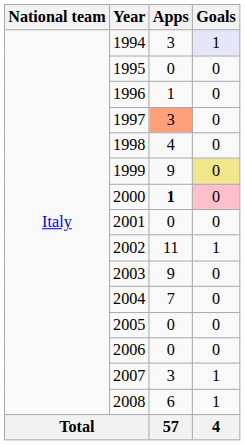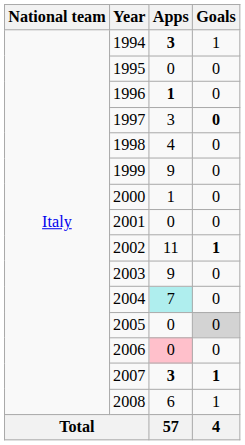 <table class="wikitable" style="text-align:center">
 <tr>
 <th>National team</th>
 <th>Year</th>
 <th>Apps</th>
 <th>Goals</th>
 </tr>
 <tr>
 <td rowspan="15"><a href='#'>Italy</a></td>
 <td>1994</td>
-<td>3</td>
-<td style="background: lavender;">1</td>
+<td><strong>3</strong></td>
+<td>1</td>
 </tr>
 <tr>
 <td>1995</td>
 <td>0</td>
 <td>0</td>
 </tr>
 <tr>
 <td>1996</td>
-<td>1</td>
+<td><strong>1</strong></td>
 <td>0</td>
 </tr>
 <tr>
 <td>1997</td>
-<td style="background: lightsalmon;">3</td>
-<td>0</td>
+<td>3</td>
+<td><strong>0</strong></td>
 </tr>
 <tr>
 <td>1998</td>
 <td>4</td>
 <td>0</td>
 </tr>
 <tr>
 <td>1999</td>
 <td>9</td>
-<td style="background: khaki;">0</td>
+<td>0</td>
 </tr>
 <tr>
 <td>2000</td>
-<td><strong>1</strong></td>
-<td style="background: pink;">0</td>
+<td>1</td>
+<td>0</td>
 </tr>
 <tr>
 <td>2001</td>
 <td>0</td>
 <td>0</td>
 </tr>
 <tr>
 <td>2002</td>
 <td>11</td>
-<td>1</td>
+<td><strong>1</strong></td>
 </tr>
 <tr>
 <td>2003</td>
 <td>9</td>
 <td>0</td>
 </tr>
 <tr>
 <td>2004</td>
-<td>7</td>
+<td style="background: paleturquoise;">7</td>
 <td>0</td>
 </tr>
 <tr>
 <td>2005</td>
 <td>0</td>
-<td>0</td>
+<td style="background: lightgrey;">0</td>
 </tr>
 <tr>
 <td>2006</td>
-<td>0</td>
+<td style="background: pink;">0</td>
 <td>0</td>
 </tr>
 <tr>
 <td>2007</td>
-<td>3</td>
-<td>1</td>
+<td><strong>3</strong></td>
+<td><strong>1</strong></td>
 </tr>
 <tr>
 <td>2008</td>
 <td>6</td>
 <td>1</td>
 </tr>
 <tr>
 <th colspan="2">Total</th>
 <th>57</th>
 <th>4</th>
 </tr>
 </table>
